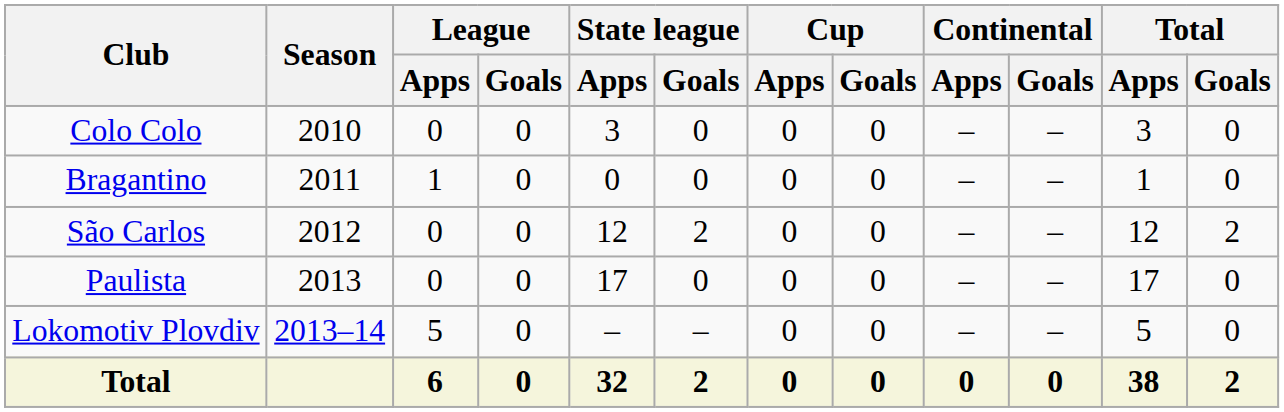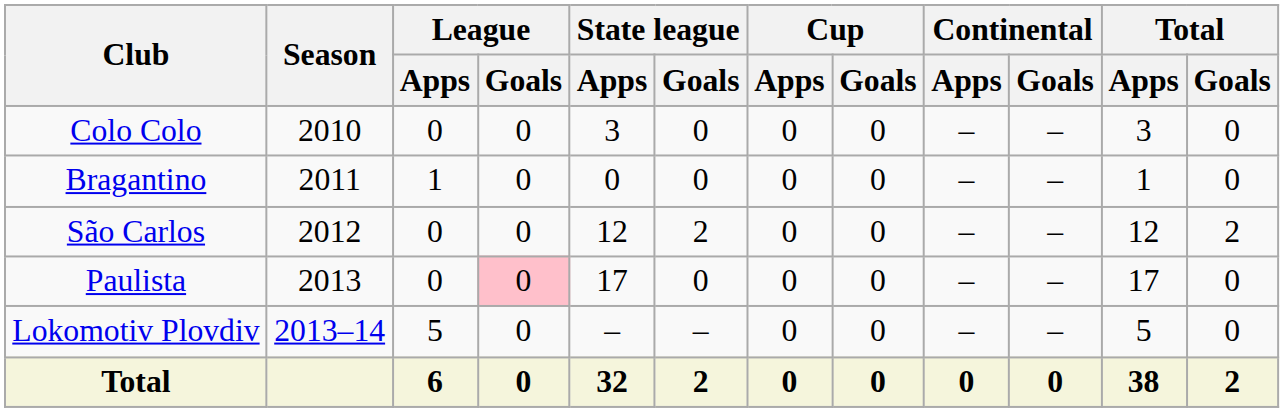 <table class="wikitable" style="text-align: center;">
 <tr>
 <th rowspan="2">Club</th>
 <th rowspan="2">Season</th>
 <th colspan="2">League</th>
 <th colspan="2">State league</th>
 <th colspan="2">Cup</th>
 <th colspan="2">Continental</th>
 <th colspan="2">Total</th>
 </tr>
 <tr>
 <th>Apps</th>
 <th>Goals</th>
 <th>Apps</th>
 <th>Goals</th>
 <th>Apps</th>
 <th>Goals</th>
 <th>Apps</th>
 <th>Goals</th>
 <th>Apps</th>
 <th>Goals</th>
 </tr>
 <tr>
 <td rowspan="1"><a href='#'>Colo Colo</a></td>
 <td>2010</td>
 <td>0</td>
 <td>0</td>
 <td>3</td>
 <td>0</td>
 <td>0</td>
 <td>0</td>
 <td>–</td>
 <td>–</td>
 <td>3</td>
 <td>0</td>
 </tr>
 <tr>
 <td rowspan="1"><a href='#'>Bragantino</a></td>
 <td>2011</td>
 <td>1</td>
 <td>0</td>
 <td>0</td>
 <td>0</td>
 <td>0</td>
 <td>0</td>
 <td>–</td>
 <td>–</td>
 <td>1</td>
 <td>0</td>
 </tr>
 <tr>
 <td rowspan="1"><a href='#'>São Carlos</a></td>
 <td>2012</td>
 <td>0</td>
 <td>0</td>
 <td>12</td>
 <td>2</td>
 <td>0</td>
 <td>0</td>
 <td>–</td>
 <td>–</td>
 <td>12</td>
 <td>2</td>
 </tr>
 <tr>
 <td rowspan="1"><a href='#'>Paulista</a></td>
 <td>2013</td>
 <td>0</td>
-<td>0</td>
+<td style="background: pink;">0</td>
 <td>17</td>
 <td>0</td>
 <td>0</td>
 <td>0</td>
 <td>–</td>
 <td>–</td>
 <td>17</td>
 <td>0</td>
 </tr>
 <tr>
 <td rowspan="1"><a href='#'>Lokomotiv Plovdiv</a></td>
 <td><a href='#'>2013–14</a></td>
 <td>5</td>
 <td>0</td>
 <td>–</td>
 <td>–</td>
 <td>0</td>
 <td>0</td>
 <td>–</td>
 <td>–</td>
 <td>5</td>
 <td>0</td>
 </tr>
 <tr>
 <th style="text-align:center; background:beige;">Total</th>
 <th style="text-align:center; background:beige;"></th>
 <th style="text-align:center; background:beige;">6</th>
 <th style="text-align:center; background:beige;">0</th>
 <th style="text-align:center; background:beige;">32</th>
 <th style="text-align:center; background:beige;">2</th>
 <th style="text-align:center; background:beige;">0</th>
 <th style="text-align:center; background:beige;">0</th>
 <th style="text-align:center; background:beige;">0</th>
 <th style="text-align:center; background:beige;">0</th>
 <th style="text-align:center; background:beige;">38</th>
 <th style="text-align:center; background:beige;">2</th>
 </tr>
 </table>
